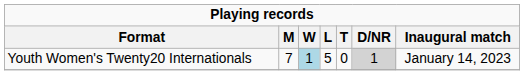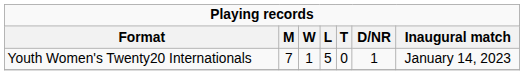 <table class="wikitable" style="text-align: center; width: 600px">
 <tr>
 <td colspan=7 align="center"><strong>Playing records</strong></td>
 </tr>
 <tr>
 <th>Format</th>
 <th>M</th>
 <th>W</th>
 <th>L</th>
 <th>T</th>
 <th>D/NR</th>
 <th>Inaugural match</th>
 </tr>
 <tr>
 <td align="left">Youth Women's Twenty20 Internationals</td>
 <td>7</td>
-<td style="background: lightblue;">1</td>
+<td>1</td>
 <td>5</td>
 <td>0</td>
-<td style="background: lightgrey;">1</td>
+<td>1</td>
 <td>January 14, 2023</td>
 </tr>
 <tr>
 </tr>
 </table>
